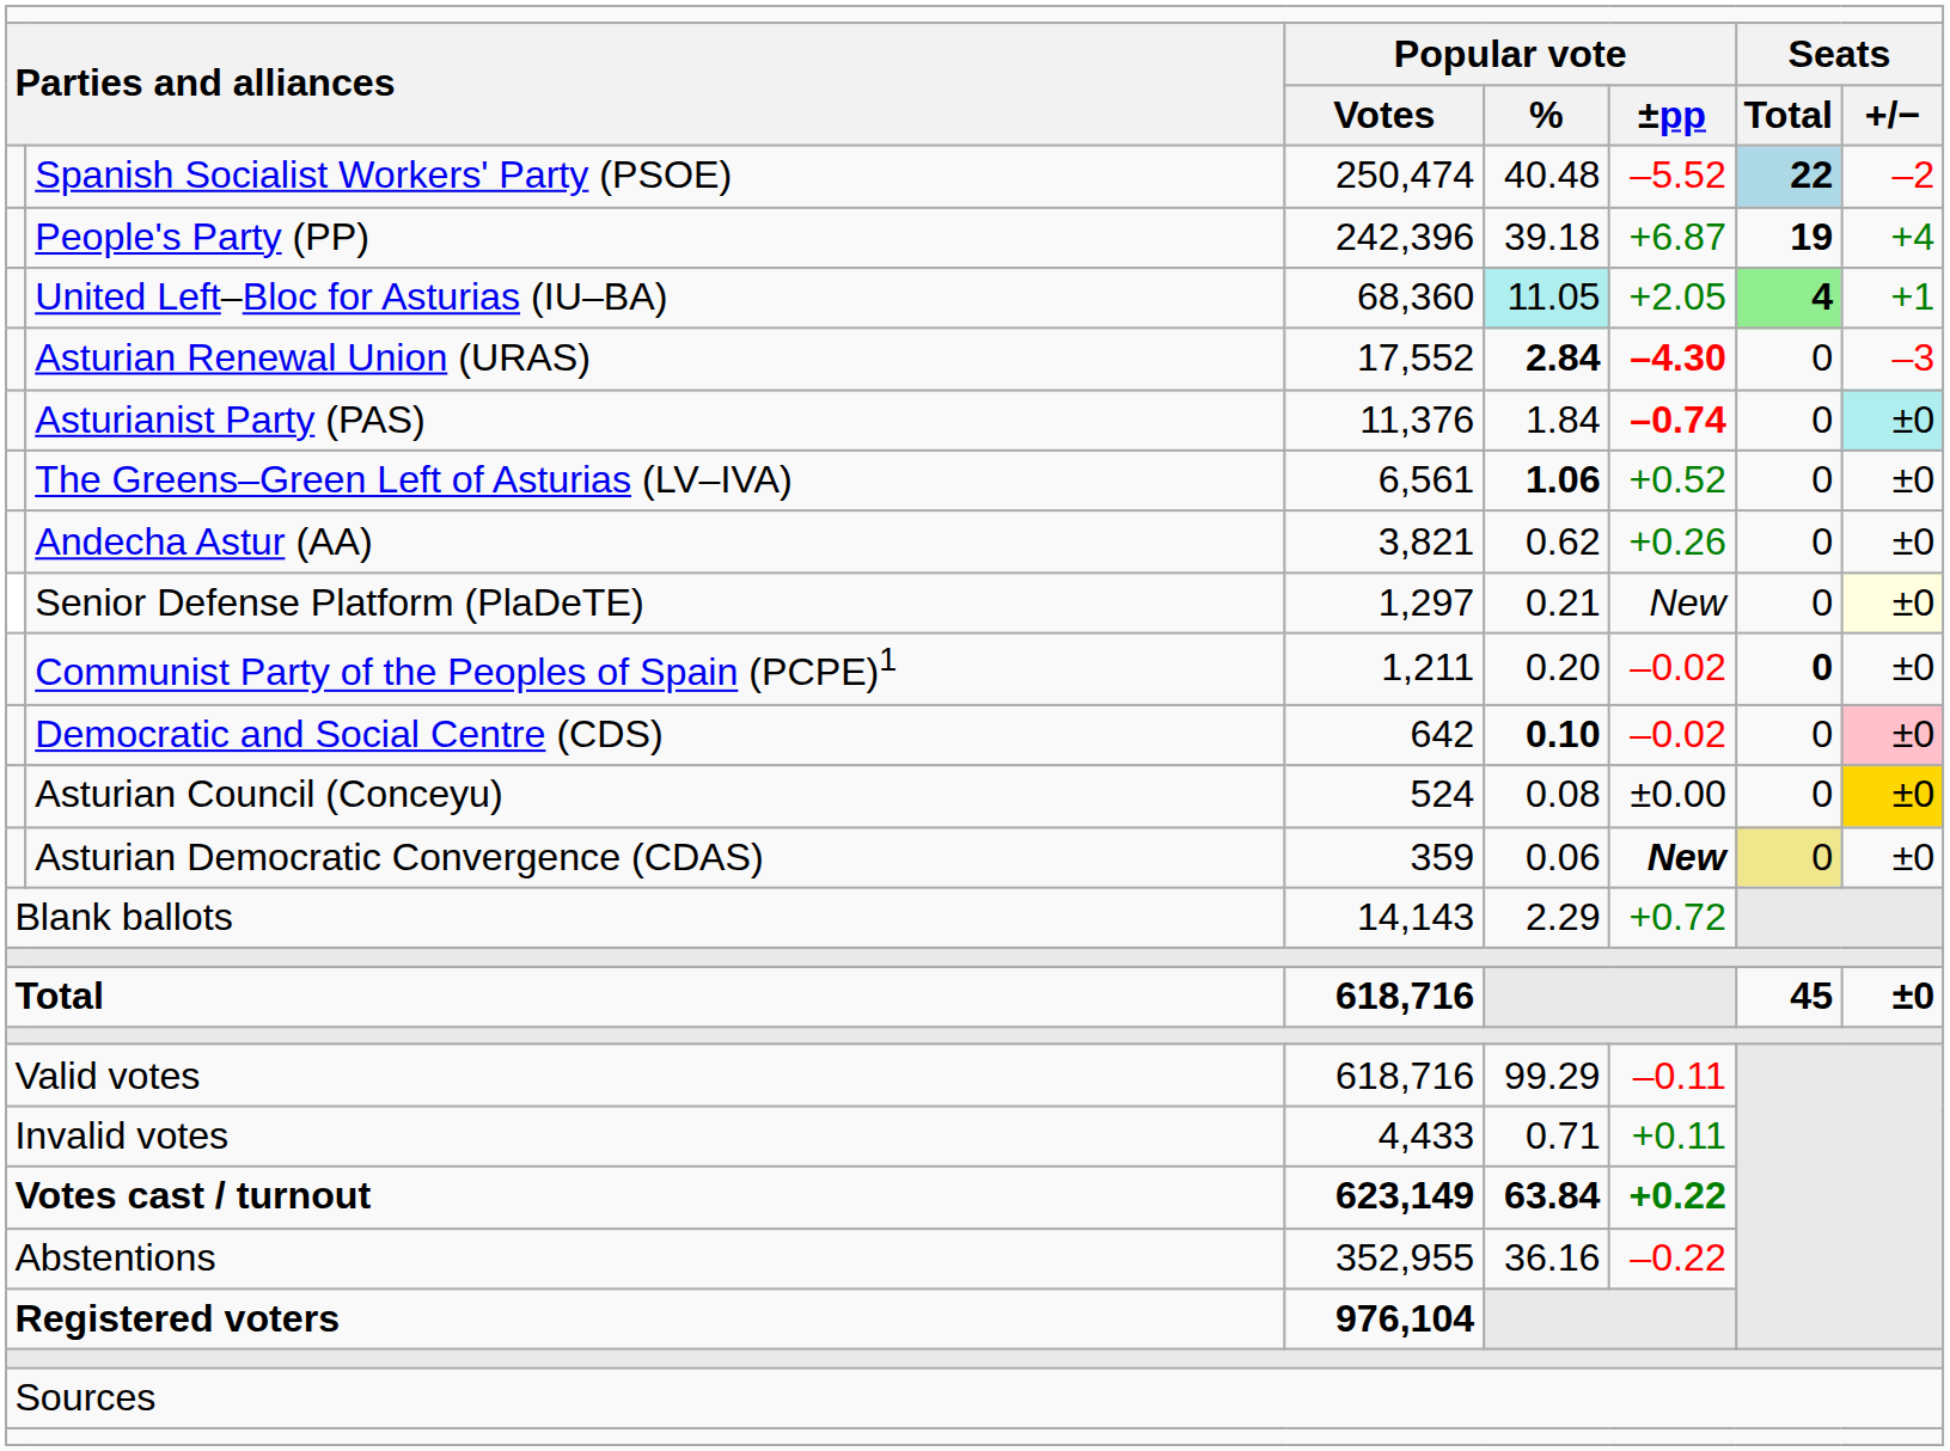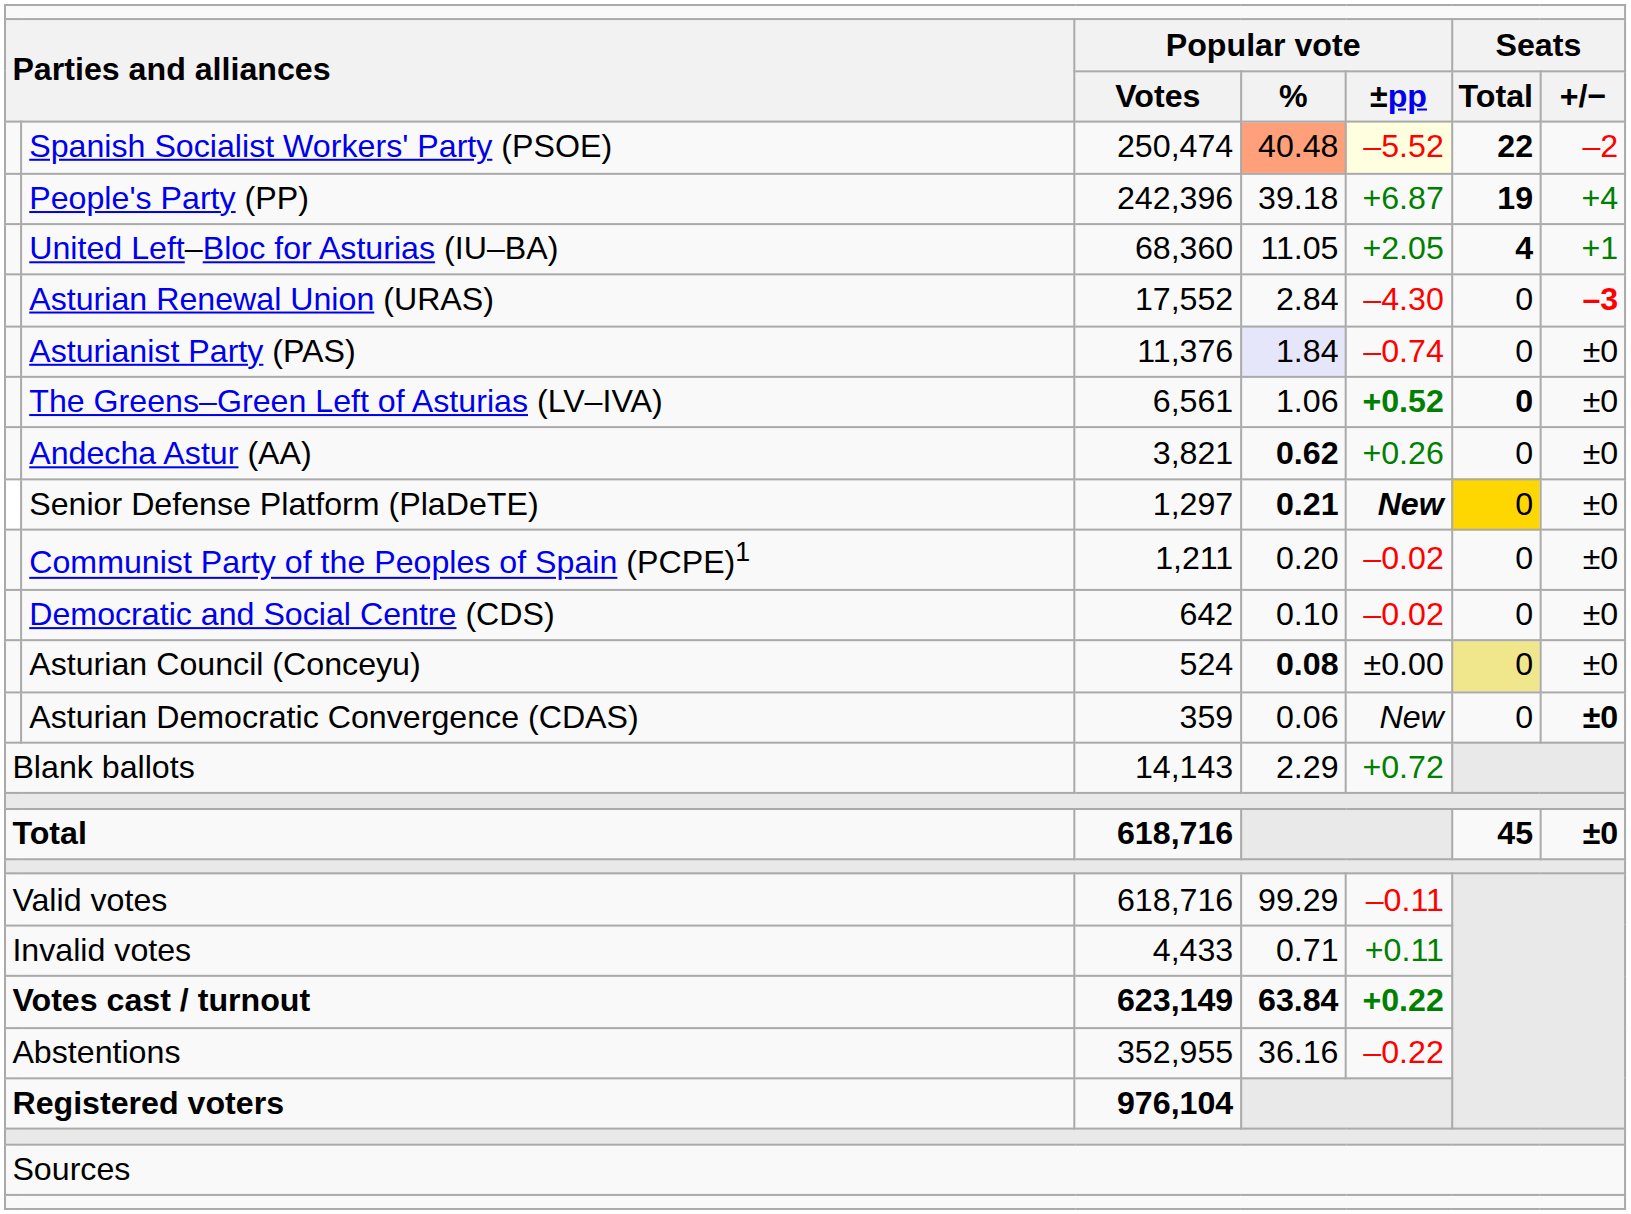 <table class="wikitable" style="text-align:right;">
 <tr>
 <td colspan="7"></td>
 </tr>
 <tr>
 <th style="text-align:left;" rowspan="2" colspan="2" width="525">Parties and alliances</th>
 <th colspan="3">Popular vote</th>
 <th colspan="2">Seats</th>
 </tr>
 <tr>
 <th width="75">Votes</th>
 <th width="45">%</th>
 <th width="45">±<a href='#'>pp</a></th>
 <th width="35">Total</th>
 <th width="35">+/−</th>
 </tr>
 <tr>
 <td width="1" style="color:inherit;background:"></td>
 <td align="left"><a href='#'>Spanish Socialist Workers' Party</a> (PSOE)</td>
 <td>250,474</td>
-<td>40.48</td>
-<td style="color:red;">–5.52</td>
-<td style="background: lightblue;"><strong>22</strong></td>
+<td style="background: lightsalmon;">40.48</td>
+<td style="background: lightyellow; color:red;">–5.52</td>
+<td><strong>22</strong></td>
 <td style="color:red;">–2</td>
 </tr>
 <tr>
 <td style="color:inherit;background:"></td>
 <td align="left"><a href='#'>People's Party</a> (PP)</td>
 <td>242,396</td>
 <td>39.18</td>
 <td style="color:green;">+6.87</td>
 <td><strong>19</strong></td>
 <td style="color:green;">+4</td>
 </tr>
 <tr>
 <td style="color:inherit;background:"></td>
 <td align="left"><a href='#'>United Left</a>–<a href='#'>Bloc for Asturias</a> (IU–BA)</td>
 <td>68,360</td>
-<td style="background: paleturquoise;">11.05</td>
+<td>11.05</td>
 <td style="color:green;">+2.05</td>
-<td style="background: lightgreen;"><strong>4</strong></td>
+<td><strong>4</strong></td>
 <td style="color:green;">+1</td>
 </tr>
 <tr>
 <td style="color:inherit;background:"></td>
 <td align="left"><a href='#'>Asturian Renewal Union</a> (URAS)</td>
 <td>17,552</td>
-<td><strong>2.84</strong></td>
-<td style="color:red;"><strong>–4.30</strong></td>
+<td>2.84</td>
+<td style="color:red;">–4.30</td>
 <td>0</td>
-<td style="color:red;">–3</td>
+<td style="color:red;"><strong>–3</strong></td>
 </tr>
 <tr>
 <td style="color:inherit;background:"></td>
 <td align="left"><a href='#'>Asturianist Party</a> (PAS)</td>
 <td>11,376</td>
-<td>1.84</td>
-<td style="color:red;"><strong>–0.74</strong></td>
+<td style="background: lavender;">1.84</td>
+<td style="color:red;">–0.74</td>
 <td>0</td>
-<td style="background: paleturquoise;">±0</td>
+<td>±0</td>
 </tr>
 <tr>
 <td style="color:inherit;background:"></td>
 <td align="left"><a href='#'>The Greens–Green Left of Asturias</a> (LV–IVA)</td>
 <td>6,561</td>
-<td><strong>1.06</strong></td>
-<td style="color:green;">+0.52</td>
-<td>0</td>
+<td>1.06</td>
+<td style="color:green;"><strong>+0.52</strong></td>
+<td><strong>0</strong></td>
 <td>±0</td>
 </tr>
 <tr>
 <td style="color:inherit;background:"></td>
 <td align="left"><a href='#'>Andecha Astur</a> (AA)</td>
 <td>3,821</td>
-<td>0.62</td>
+<td><strong>0.62</strong></td>
 <td style="color:green;">+0.26</td>
 <td>0</td>
 <td>±0</td>
 </tr>
 <tr>
 <td bgcolor="white"></td>
 <td align="left">Senior Defense Platform (PlaDeTE)</td>
 <td>1,297</td>
-<td>0.21</td>
-<td><em>New</em></td>
-<td>0</td>
-<td style="background: lightyellow;">±0</td>
+<td><strong>0.21</strong></td>
+<td><strong><em>New</em></strong></td>
+<td style="background: gold;">0</td>
+<td>±0</td>
 </tr>
 <tr>
 <td style="color:inherit;background:"></td>
 <td align="left"><a href='#'>Communist Party of the Peoples of Spain</a> (PCPE)<sup>1</sup></td>
 <td>1,211</td>
 <td>0.20</td>
 <td style="color:red;">–0.02</td>
-<td><strong>0</strong></td>
+<td>0</td>
 <td>±0</td>
 </tr>
 <tr>
 <td style="color:inherit;background:"></td>
 <td align="left"><a href='#'>Democratic and Social Centre</a> (CDS)</td>
 <td>642</td>
-<td><strong>0.10</strong></td>
+<td>0.10</td>
 <td style="color:red;">–0.02</td>
 <td>0</td>
-<td style="background: pink;">±0</td>
+<td>±0</td>
 </tr>
 <tr>
 <td style="color:inherit;background:"></td>
 <td align="left">Asturian Council (Conceyu)</td>
 <td>524</td>
-<td>0.08</td>
+<td><strong>0.08</strong></td>
 <td>±0.00</td>
-<td>0</td>
-<td style="background: gold;">±0</td>
+<td style="background: khaki;">0</td>
+<td>±0</td>
 </tr>
 <tr>
 <td style="color:inherit;background:"></td>
 <td align="left">Asturian Democratic Convergence (CDAS)</td>
 <td>359</td>
 <td>0.06</td>
-<td><strong><em>New</em></strong></td>
-<td style="background: khaki;">0</td>
-<td>±0</td>
+<td><em>New</em></td>
+<td>0</td>
+<td><strong>±0</strong></td>
 </tr>
 <tr>
 <td align="left" colspan="2">Blank ballots</td>
 <td>14,143</td>
 <td>2.29</td>
 <td style="color:green;">+0.72</td>
 <td bgcolor="#E9E9E9" colspan="2"></td>
 </tr>
 <tr>
 <td colspan="7" bgcolor="#E9E9E9"></td>
 </tr>
 <tr style="font-weight:bold;">
 <td align="left" colspan="2">Total</td>
 <td>618,716</td>
 <td bgcolor="#E9E9E9" colspan="2"></td>
 <td>45</td>
 <td>±0</td>
 </tr>
 <tr>
 <td colspan="7" bgcolor="#E9E9E9"></td>
 </tr>
 <tr>
 <td align="left" colspan="2">Valid votes</td>
 <td>618,716</td>
 <td>99.29</td>
 <td style="color:red;">–0.11</td>
 <td bgcolor="#E9E9E9" colspan="2" rowspan="5"></td>
 </tr>
 <tr>
 <td align="left" colspan="2">Invalid votes</td>
 <td>4,433</td>
 <td>0.71</td>
 <td style="color:green;">+0.11</td>
 </tr>
 <tr style="font-weight:bold;">
 <td align="left" colspan="2">Votes cast / turnout</td>
 <td>623,149</td>
 <td>63.84</td>
 <td style="color:green;">+0.22</td>
 </tr>
 <tr>
 <td align="left" colspan="2">Abstentions</td>
 <td>352,955</td>
 <td>36.16</td>
 <td style="color:red;">–0.22</td>
 </tr>
 <tr style="font-weight:bold;">
 <td align="left" colspan="2">Registered voters</td>
 <td>976,104</td>
 <td bgcolor="#E9E9E9" colspan="2"></td>
 </tr>
 <tr>
 <td colspan="7" bgcolor="#E9E9E9"></td>
 </tr>
 <tr>
 <td align="left" colspan="7">Sources</td>
 </tr>
 <tr>
 <td colspan="7" style="text-align:left; max-width:790px;"></td>
 </tr>
 </table>
